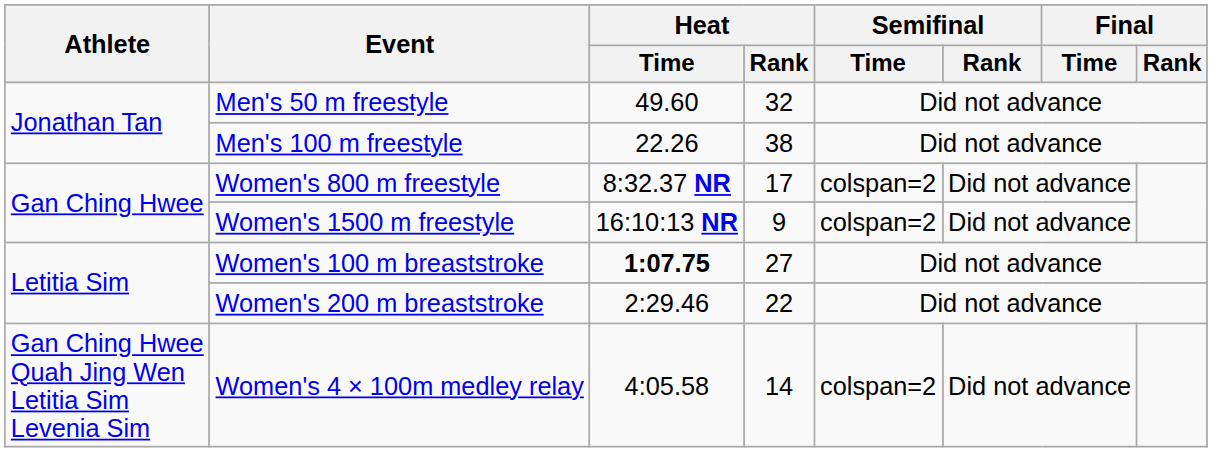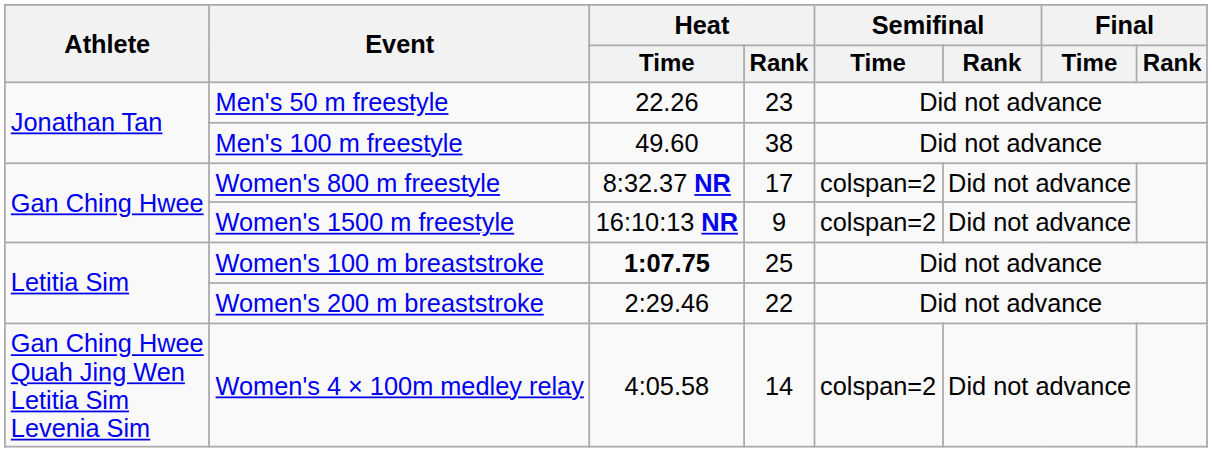 <table class=wikitable style="font-size:90%;">
 <tr>
 <th rowspan=2>Athlete</th>
 <th rowspan=2>Event</th>
 <th colspan=2>Heat</th>
 <th colspan=2>Semifinal</th>
 <th colspan=2>Final</th>
 </tr>
 <tr style="font-size:95%">
 <th>Time</th>
 <th>Rank</th>
 <th>Time</th>
 <th>Rank</th>
 <th>Time</th>
 <th>Rank</th>
 </tr>
 <tr align=center>
 <td align=left rowspan=2><a href='#'>Jonathan Tan</a></td>
 <td align=left><a href='#'>Men's 50 m freestyle</a></td>
-<td>49.60</td>
-<td>32</td>
+<td>22.26</td>
+<td>23</td>
 <td colspan=4>Did not advance</td>
 </tr>
 <tr align=center>
 <td align=left><a href='#'>Men's 100 m freestyle</a></td>
-<td>22.26</td>
+<td>49.60</td>
 <td>38</td>
 <td colspan=4>Did not advance</td>
 </tr>
 <tr align=center>
 <td align=left rowspan=2><a href='#'>Gan Ching Hwee</a></td>
 <td align=left><a href='#'>Women's 800 m freestyle</a></td>
 <td>8:32.37 <strong><a href='#'>NR</a></strong></td>
 <td>17</td>
 <td>colspan=2 </td>
 <td colspan=2>Did not advance</td>
 </tr>
 <tr align=center>
 <td align=left><a href='#'>Women's 1500 m freestyle</a></td>
 <td>16:10:13 <strong><a href='#'>NR</a></strong></td>
 <td>9</td>
 <td>colspan=2 </td>
 <td colspan=2>Did not advance</td>
 </tr>
 <tr align=center>
 <td align=left rowspan=2><a href='#'>Letitia Sim</a></td>
 <td align=left><a href='#'>Women's 100 m breaststroke</a></td>
 <td><strong>1:07.75</strong></td>
-<td>27</td>
+<td>25</td>
 <td colspan=4>Did not advance</td>
 </tr>
 <tr align=center>
 <td align=left><a href='#'>Women's 200 m breaststroke</a></td>
 <td>2:29.46</td>
 <td>22</td>
 <td colspan=4>Did not advance</td>
 </tr>
 <tr align=center>
 <td align=left><a href='#'>Gan Ching Hwee</a><br><a href='#'>Quah Jing Wen</a><br><a href='#'>Letitia Sim</a><br><a href='#'>Levenia Sim</a></td>
 <td align=left><a href='#'>Women's 4 × 100m medley relay</a></td>
 <td>4:05.58</td>
 <td>14</td>
 <td>colspan=2 </td>
 <td colspan=2>Did not advance</td>
 </tr>
 </table>
